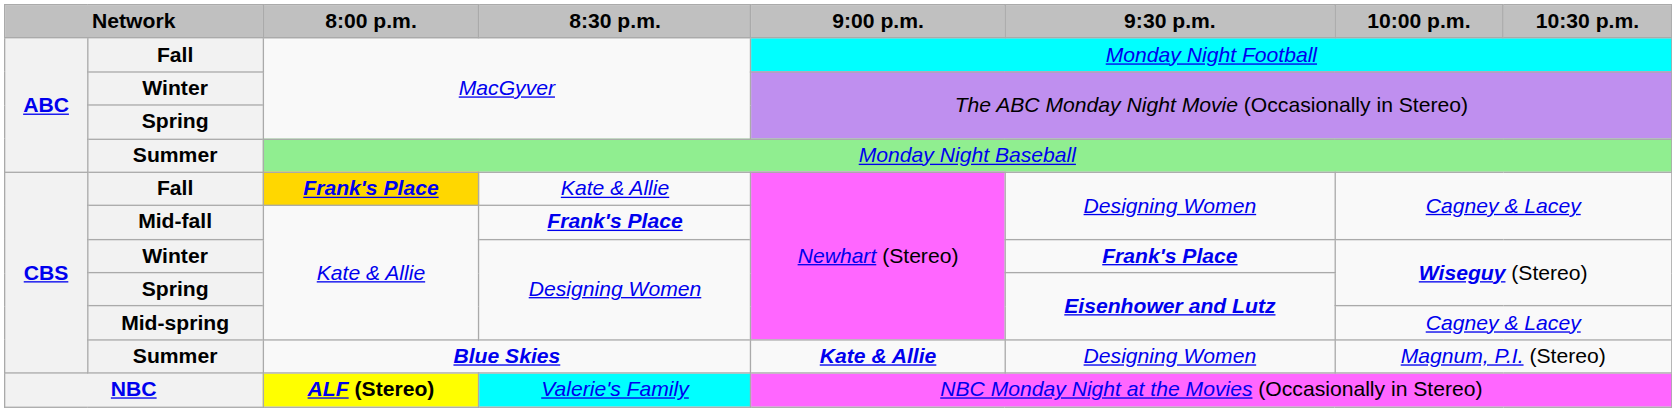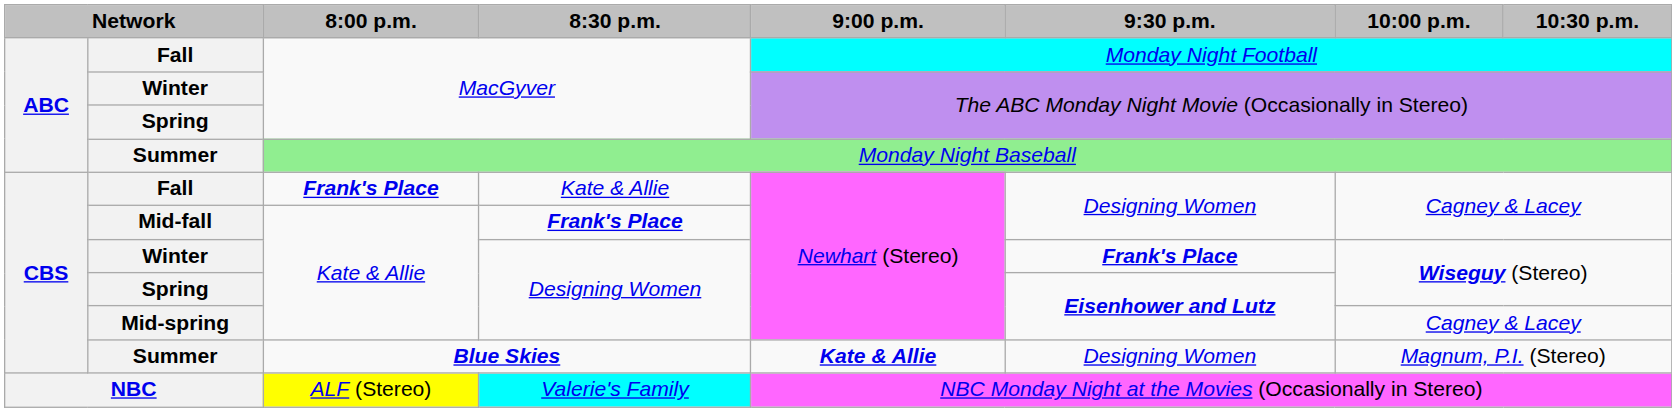 <table class="wikitable" style="width:100%;margin-right:0;text-align:center">
 <tr>
 <th colspan="2" style="background-color:#C0C0C0;text-align:center">Network</th>
 <th style="background-color:#C0C0C0;text-align:center">8:00 p.m.</th>
 <th style="background-color:#C0C0C0;text-align:center">8:30 p.m.</th>
 <th style="background-color:#C0C0C0;text-align:center">9:00 p.m.</th>
 <th style="background-color:#C0C0C0;text-align:center">9:30 p.m.</th>
 <th style="background-color:#C0C0C0;text-align:center">10:00 p.m.</th>
 <th style="background-color:#C0C0C0;text-align:center">10:30 p.m.</th>
 </tr>
 <tr>
 <th rowspan="4"><a href='#'>ABC</a></th>
 <th>Fall</th>
 <td rowspan="3" colspan="2"><em><a href='#'>MacGyver</a></em></td>
 <td style="background:#00FFFF" colspan="4"><em><a href='#'>Monday Night Football</a></em> </td>
 </tr>
 <tr>
 <th>Winter</th>
 <td colspan="4" rowspan="2" style="background:#bf8fef;"><em>The ABC Monday Night Movie</em> (Occasionally in Stereo)</td>
 </tr>
 <tr>
 <th>Spring</th>
 </tr>
 <tr>
 <th>Summer</th>
 <td colspan="6" style="background:lightgreen"><em><a href='#'>Monday Night Baseball</a></em></td>
 </tr>
 <tr>
 <th rowspan="6"><a href='#'>CBS</a></th>
 <th>Fall</th>
-<td style="background: gold;"><strong><em><a href='#'>Frank's Place</a></em></strong></td>
+<td><strong><em><a href='#'>Frank's Place</a></em></strong></td>
 <td><em><a href='#'>Kate & Allie</a></em></td>
 <td style="background:#FF66FF;" rowspan="5"><em><a href='#'>Newhart</a></em> (Stereo)<br></td>
 <td rowspan="2"><em><a href='#'>Designing Women</a></em></td>
 <td rowspan="2" colspan="2"><em><a href='#'>Cagney & Lacey</a></em></td>
 </tr>
 <tr>
 <th>Mid-fall</th>
 <td rowspan="4"><em><a href='#'>Kate & Allie</a></em></td>
 <td><strong><em><a href='#'>Frank's Place</a></em></strong></td>
 </tr>
 <tr>
 <th>Winter</th>
 <td rowspan="3"><em><a href='#'>Designing Women</a></em></td>
 <td><strong><em><a href='#'>Frank's Place</a></em></strong></td>
 <td rowspan="2" colspan="2"><strong><em><a href='#'>Wiseguy</a></em></strong> (Stereo)</td>
 </tr>
 <tr>
 <th>Spring</th>
 <td rowspan="2"><strong><em><a href='#'>Eisenhower and Lutz</a></em></strong></td>
 </tr>
 <tr>
 <th>Mid-spring</th>
 <td colspan="2"><em><a href='#'>Cagney & Lacey</a></em></td>
 </tr>
 <tr>
 <th>Summer</th>
 <td colspan="2"><strong><em><a href='#'>Blue Skies</a></em></strong></td>
 <td><strong><em><a href='#'>Kate & Allie</a></em></strong></td>
 <td><em><a href='#'>Designing Women</a></em></td>
 <td colspan="2"><em><a href='#'>Magnum, P.I.</a></em> (Stereo)</td>
 </tr>
 <tr>
 <th colspan="2"><a href='#'>NBC</a></th>
-<td style="background:#FFFF00;"><strong><em><a href='#'>ALF</a></em> (Stereo) </strong></td>
+<td style="background:#FFFF00;"><em><a href='#'>ALF</a></em> (Stereo) </td>
 <td style="background:#00FFFF;"><em><a href='#'>Valerie's Family</a></em> </td>
 <td style="background:#FF66FF;" colspan=4><em><a href='#'>NBC Monday Night at the Movies</a></em> (Occasionally in Stereo) </td>
 </tr>
 </table>
